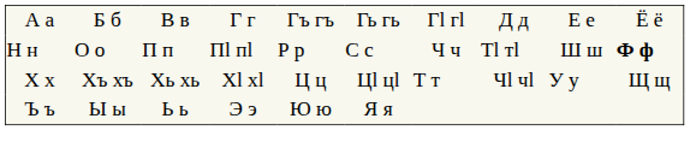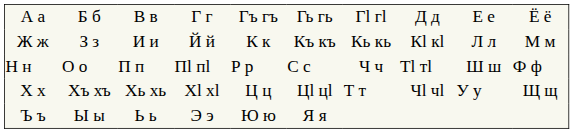 <table style="font-family:Arial Unicode MS; font-size:1.4em; border-color:#000000; border-width:1px; border-style:solid; border-collapse:collapse; background-color:#F8F8EF">
 <tr>
 <td style="width:3em; text-align:center; padding: 3px;">А а</td>
 <td style="width:3em; text-align:center; padding: 3px;">Б б</td>
 <td style="width:3em; text-align:center; padding: 3px;">В в</td>
 <td style="width:3em; text-align:center; padding: 3px;">Г г</td>
 <td style="width:3em; text-align:center; padding: 3px;">Гъ гъ</td>
 <td style="width:3em; text-align:center; padding: 3px;">Гь гь</td>
 <td style="width:3em; text-align:center; padding: 3px;">Гӏ гӏ</td>
 <td style="width:3em; text-align:center; padding: 3px;">Д д</td>
 <td style="width:3em; text-align:center; padding: 3px;">Е е</td>
 <td style="width:3em; text-align:center; padding: 3px;">Ё ё</td>
 </tr>
 <tr>
+<td style="width:3em; text-align:center; padding: 3px;">Ж ж</td>
+<td style="width:3em; text-align:center; padding: 3px;">З з</td>
+<td style="width:3em; text-align:center; padding: 3px;">И и</td>
+<td style="width:3em; text-align:center; padding: 3px;">Й й</td>
+<td style="width:3em; text-align:center; padding: 3px;">К к</td>
+<td style="width:3em; text-align:center; padding: 3px;">Къ къ</td>
+<td style="width:3em; text-align:center; padding: 3px;">Кь кь</td>
+<td style="width:3em; text-align:center; padding: 3px;">Кӏ кӏ</td>
+<td style="width:3em; text-align:center; padding: 3px;">Л л</td>
+<td style="width:3em; text-align:center; padding: 3px;">М м</td>
+</tr>
+<tr>
 <td>Н н</td>
 <td>О о</td>
 <td>П п</td>
 <td>Пӏ пӏ</td>
 <td>Р р</td>
 <td>С с</td>
 <td style="width:3em; text-align:center; padding: 3px;">Ч ч</td>
 <td>Тӏ тӏ</td>
 <td style="width:3em; text-align:center; padding: 3px;">Ш ш</td>
-<td><strong>Ф ф</strong></td>
+<td>Ф ф</td>
 </tr>
 <tr>
 <td style="width:3em; text-align:center; padding: 3px;">Х х</td>
 <td style="width:3em; text-align:center; padding: 3px;">Хъ хъ</td>
 <td style="width:3em; text-align:center; padding: 3px;">Хь хь</td>
 <td style="width:3em; text-align:center; padding: 3px;">Хӏ хӏ</td>
 <td style="width:3em; text-align:center; padding: 3px;">Ц ц</td>
 <td style="width:3em; text-align:center; padding: 3px;">Цӏ цӏ</td>
 <td>Т т</td>
 <td style="width:3em; text-align:center; padding: 3px;">Чӏ чӏ</td>
 <td>У у</td>
 <td style="width:3em; text-align:center; padding: 3px;">Щ щ</td>
 </tr>
 <tr>
 <td style="width:3em; text-align:center; padding: 3px;">Ъ ъ</td>
 <td style="width:3em; text-align:center; padding: 3px;">Ы ы</td>
 <td style="width:3em; text-align:center; padding: 3px;">Ь ь</td>
 <td style="width:3em; text-align:center; padding: 3px;">Э э</td>
 <td style="width:3em; text-align:center; padding: 3px;">Ю ю</td>
 <td style="width:3em; text-align:center; padding: 3px;">Я я</td>
 <td style="width:3em; text-align:center; padding: 3px;"></td>
 <td style="width:3em; text-align:center; padding: 3px;"></td>
 <td style="width:3em; text-align:center; padding: 3px;"></td>
 <td style="width:3em; text-align:center; padding: 3px;"></td>
 </tr>
 </table>
